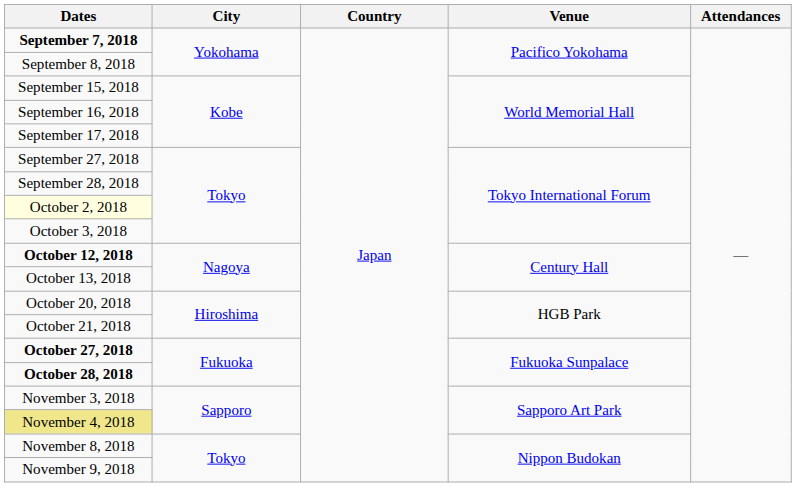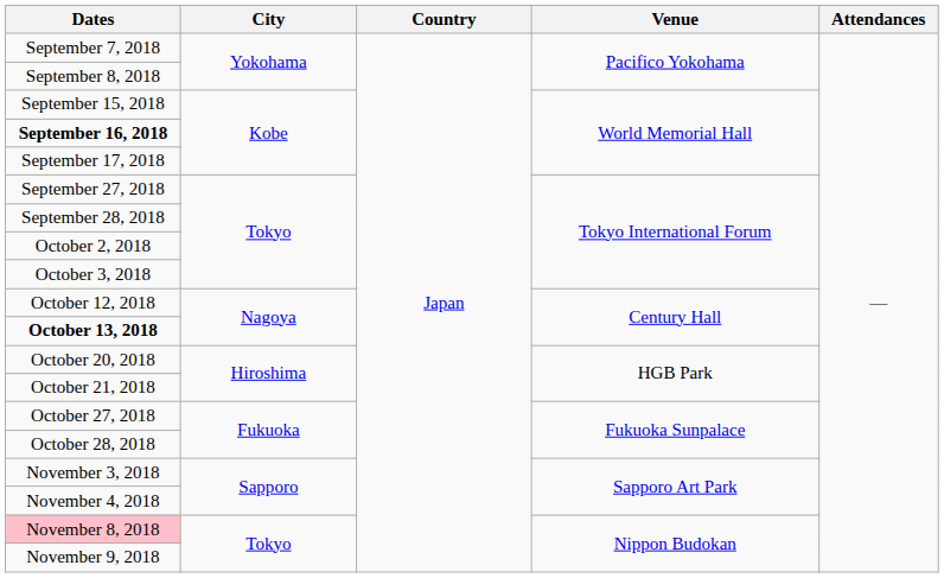 <table class="wikitable" style="text-align:center;">
 <tr>
 <th width="150">Dates</th>
 <th width="150">City</th>
 <th width="150">Country</th>
 <th width="250">Venue</th>
 <th width="100">Attendances</th>
 </tr>
 <tr>
-<td><strong>September 7, 2018</strong></td>
+<td>September 7, 2018</td>
 <td rowspan="2"><a href='#'>Yokohama</a></td>
 <td rowspan="19"><a href='#'>Japan</a></td>
 <td rowspan="2"><a href='#'>Pacifico Yokohama</a></td>
 <td rowspan="19">—</td>
 </tr>
 <tr>
 <td>September 8, 2018</td>
 </tr>
 <tr>
 <td>September 15, 2018</td>
 <td rowspan="3"><a href='#'>Kobe</a></td>
 <td rowspan="3"><a href='#'>World Memorial Hall</a></td>
 </tr>
 <tr>
-<td>September 16, 2018</td>
+<td><strong>September 16, 2018</strong></td>
 </tr>
 <tr>
 <td>September 17, 2018</td>
 </tr>
 <tr>
 <td>September 27, 2018</td>
 <td rowspan="4"><a href='#'>Tokyo</a></td>
 <td rowspan="4"><a href='#'>Tokyo International Forum</a></td>
 </tr>
 <tr>
 <td>September 28, 2018</td>
 </tr>
 <tr>
-<td style="background: lightyellow;">October 2, 2018</td>
+<td>October 2, 2018</td>
 </tr>
 <tr>
 <td>October 3, 2018</td>
 </tr>
 <tr>
-<td><strong>October 12, 2018</strong></td>
+<td>October 12, 2018</td>
 <td rowspan="2"><a href='#'>Nagoya</a></td>
 <td rowspan="2"><a href='#'>Century Hall</a></td>
 </tr>
 <tr>
-<td>October 13, 2018</td>
+<td><strong>October 13, 2018</strong></td>
 </tr>
 <tr>
 <td>October 20, 2018</td>
 <td rowspan="2"><a href='#'>Hiroshima</a></td>
 <td rowspan="2">HGB Park</td>
 </tr>
 <tr>
 <td>October 21, 2018</td>
 </tr>
 <tr>
-<td><strong>October 27, 2018</strong></td>
+<td>October 27, 2018</td>
 <td rowspan="2"><a href='#'>Fukuoka</a></td>
 <td rowspan="2"><a href='#'>Fukuoka Sunpalace</a></td>
 </tr>
 <tr>
-<td><strong>October 28, 2018</strong></td>
+<td>October 28, 2018</td>
 </tr>
 <tr>
 <td>November 3, 2018</td>
 <td rowspan="2"><a href='#'>Sapporo</a></td>
 <td rowspan="2"><a href='#'>Sapporo Art Park</a></td>
 </tr>
 <tr>
-<td style="background: khaki;">November 4, 2018</td>
+<td>November 4, 2018</td>
 </tr>
 <tr>
-<td>November 8, 2018</td>
+<td style="background: pink;">November 8, 2018</td>
 <td rowspan="2"><a href='#'>Tokyo</a></td>
 <td rowspan="2"><a href='#'>Nippon Budokan</a></td>
 </tr>
 <tr>
 <td>November 9, 2018</td>
 </tr>
 </table>
